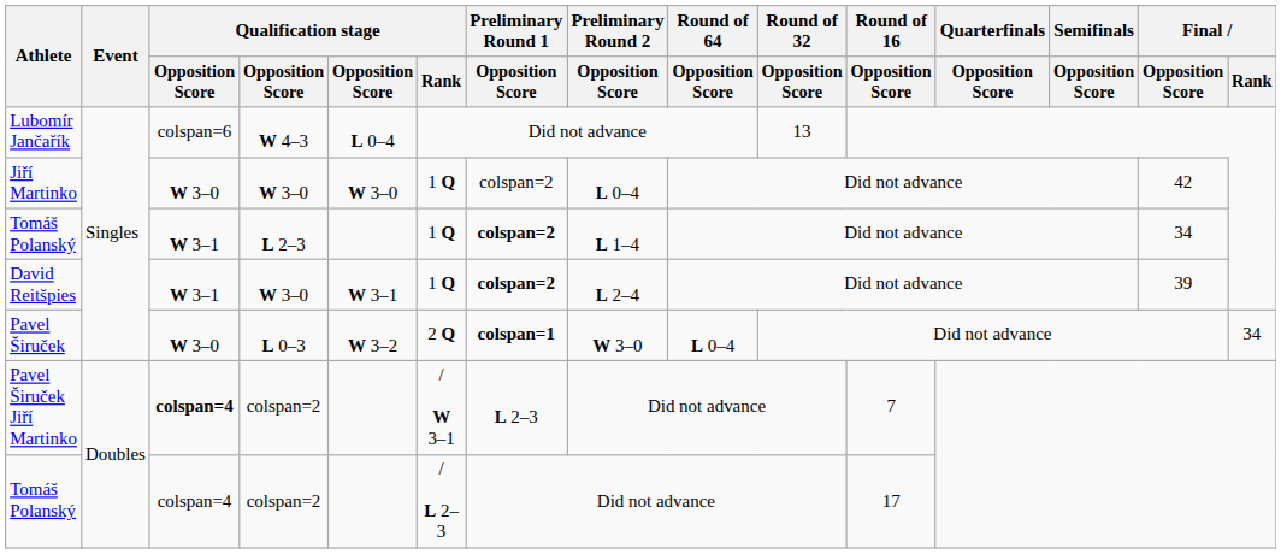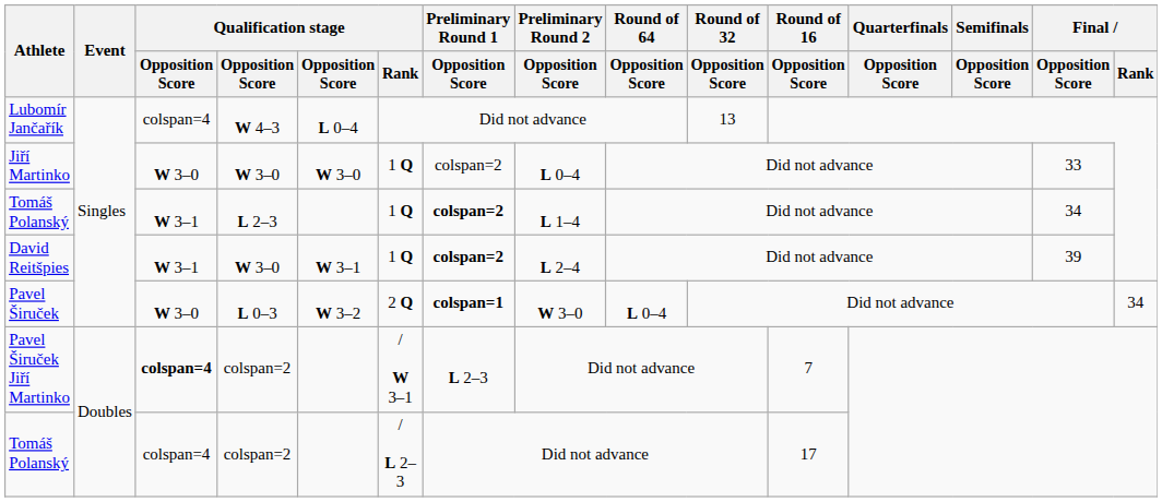 <table class=wikitable style=font-size:80%;text-align:center>
 <tr>
 <th rowspan=2>Athlete</th>
 <th rowspan=2>Event</th>
 <th colspan=4>Qualification stage</th>
 <th>Preliminary Round 1</th>
 <th>Preliminary Round 2</th>
 <th>Round of 64</th>
 <th>Round of 32</th>
 <th>Round of 16</th>
 <th>Quarterfinals</th>
 <th>Semifinals</th>
 <th colspan=2>Final / </th>
 </tr>
 <tr style=font-size:95%>
 <th>Opposition<br>Score</th>
 <th>Opposition<br>Score</th>
 <th>Opposition<br>Score</th>
 <th>Rank</th>
 <th>Opposition<br>Score</th>
 <th>Opposition<br>Score</th>
 <th>Opposition<br>Score</th>
 <th>Opposition<br>Score</th>
 <th>Opposition<br>Score</th>
 <th>Opposition<br>Score</th>
 <th>Opposition<br>Score</th>
 <th>Opposition<br>Score</th>
 <th>Rank</th>
 </tr>
 <tr align=center>
 <td align=left><a href='#'>Lubomír Jančařík</a></td>
 <td align=left rowspan=5>Singles</td>
-<td>colspan=6</td>
+<td>colspan=4</td>
 <td><br><strong>W</strong> 4–3</td>
 <td><br><strong>L</strong> 0–4</td>
 <td colspan=4>Did not advance</td>
 <td>13</td>
 </tr>
 <tr align=center>
 <td align=left><a href='#'>Jiří Martinko</a></td>
 <td><br><strong>W</strong> 3–0</td>
 <td><br><strong>W</strong> 3–0</td>
 <td><br><strong>W</strong> 3–0</td>
 <td>1 <strong>Q</strong></td>
 <td>colspan=2</td>
 <td><br><strong>L</strong> 0–4</td>
 <td colspan=5>Did not advance</td>
-<td>42</td>
+<td>33</td>
 </tr>
 <tr align=center>
 <td align=left><a href='#'>Tomáš Polanský</a></td>
 <td><br><strong>W</strong> 3–1</td>
 <td><br><strong>L</strong> 2–3</td>
 <td></td>
 <td>1 <strong>Q</strong></td>
 <td><strong>colspan=2</strong></td>
 <td><br><strong>L</strong> 1–4</td>
 <td colspan=5>Did not advance</td>
 <td>34</td>
 </tr>
 <tr align=center>
 <td align=left><a href='#'>David Reitšpies</a></td>
 <td><br><strong>W</strong> 3–1</td>
 <td><br><strong>W</strong> 3–0</td>
 <td><br><strong>W</strong> 3–1</td>
 <td>1 <strong>Q</strong></td>
 <td><strong>colspan=2</strong></td>
 <td><br><strong>L</strong> 2–4</td>
 <td colspan=5>Did not advance</td>
 <td>39</td>
 </tr>
 <tr align=center>
 <td align=left><a href='#'>Pavel Širuček</a></td>
 <td><br><strong>W</strong> 3–0</td>
 <td><br><strong>L</strong> 0–3</td>
 <td><br><strong>W</strong> 3–2</td>
 <td>2 <strong>Q</strong></td>
 <td><strong>colspan=1</strong></td>
 <td><br><strong>W</strong> 3–0</td>
 <td><br><strong>L</strong> 0–4</td>
 <td colspan=5>Did not advance</td>
 <td>34</td>
 </tr>
 <tr align=center>
 <td align=left><a href='#'>Pavel Širuček</a><br><a href='#'>Jiří Martinko</a></td>
 <td rowspan=2>Doubles</td>
 <td><strong>colspan=4</strong></td>
 <td>colspan=2</td>
 <td></td>
 <td> /<br><br><strong>W</strong> 3–1</td>
 <td><br><strong>L</strong> 2–3</td>
 <td colspan=3>Did not advance</td>
 <td>7</td>
 </tr>
 <tr align=center>
 <td align=left><a href='#'>Tomáš Polanský</a><br></td>
 <td>colspan=4</td>
 <td>colspan=2</td>
 <td></td>
 <td> /<br><br><strong>L</strong> 2–3</td>
 <td colspan=4>Did not advance</td>
 <td>17</td>
 </tr>
 </table>
